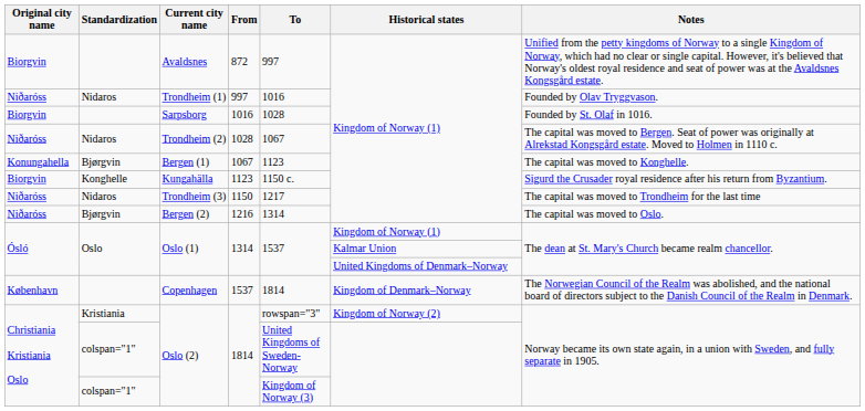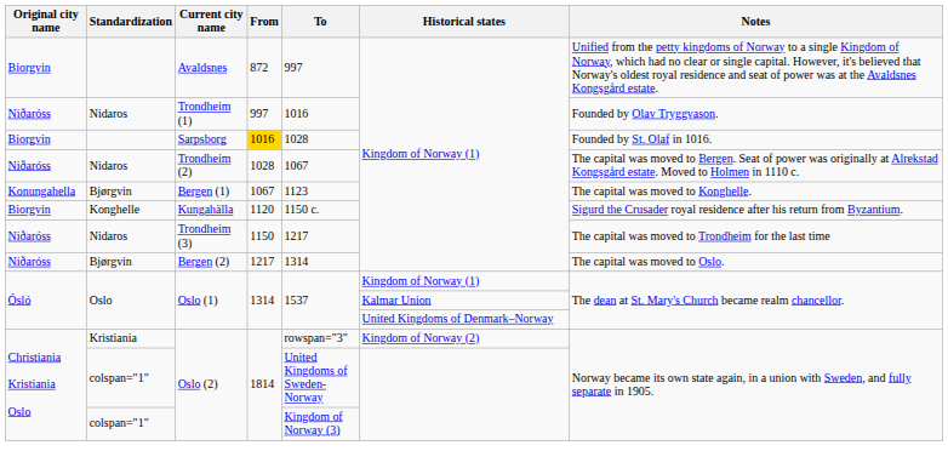 <table class=wikitable>
 <tr>
 <th>Original city name</th>
 <th>Standardization</th>
 <th>Current city name</th>
 <th>From</th>
 <th>To</th>
 <th>Historical states</th>
 <th>Notes</th>
 </tr>
 <tr>
 <td><a href='#'>Biorgvin</a></td>
 <td></td>
 <td><a href='#'>Avaldsnes</a></td>
 <td>872</td>
 <td>997</td>
 <td rowspan="8" style="width:17em;"><a href='#'>Kingdom of Norway (1)</a></td>
 <td><a href='#'>Unified</a> from the <a href='#'>petty kingdoms of Norway</a> to a single <a href='#'>Kingdom of Norway</a>, which had no clear or single capital. However, it's believed that Norway's oldest royal residence and seat of power was at the <a href='#'>Avaldsnes Kongsgård estate</a>.</td>
 </tr>
 <tr>
 <td><a href='#'>Niðaróss</a></td>
 <td>Nidaros</td>
 <td><a href='#'>Trondheim</a> (1)</td>
 <td>997</td>
 <td>1016</td>
 <td>Founded by <a href='#'>Olav Tryggvason</a>.</td>
 </tr>
 <tr>
 <td><a href='#'>Biorgvin</a></td>
 <td></td>
 <td><a href='#'>Sarpsborg</a></td>
-<td>1016</td>
+<td style="background: gold;">1016</td>
 <td>1028</td>
 <td>Founded by <a href='#'>St. Olaf</a> in 1016.</td>
 </tr>
 <tr>
 <td><a href='#'>Niðaróss</a></td>
 <td>Nidaros</td>
 <td><a href='#'>Trondheim</a> (2)</td>
 <td>1028</td>
 <td>1067</td>
 <td>The capital was moved to <a href='#'>Bergen</a>. Seat of power was originally at <a href='#'>Alrekstad Kongsgård estate</a>. Moved to <a href='#'>Holmen</a> in 1110 c.</td>
 </tr>
 <tr>
 <td><a href='#'>Konungahella</a></td>
 <td>Bjørgvin</td>
 <td><a href='#'>Bergen</a> (1)</td>
 <td>1067</td>
 <td>1123</td>
 <td>The capital was moved to <a href='#'>Konghelle</a>.</td>
 </tr>
 <tr>
 <td><a href='#'>Biorgvin</a></td>
 <td>Konghelle</td>
 <td><a href='#'>Kungahälla</a> <br></td>
-<td>1123</td>
+<td>1120</td>
 <td style="width:6em;">1150 c.</td>
 <td><a href='#'>Sigurd the Crusader</a> royal residence after his return from <a href='#'>Byzantium</a>.</td>
 </tr>
 <tr>
 <td><a href='#'>Niðaróss</a></td>
 <td>Nidaros</td>
 <td><a href='#'>Trondheim</a> (3)</td>
 <td>1150</td>
 <td>1217</td>
 <td>The capital was moved to <a href='#'>Trondheim</a> for the last time</td>
 </tr>
 <tr>
 <td><a href='#'>Niðaróss</a></td>
 <td>Bjørgvin</td>
 <td><a href='#'>Bergen</a> (2)</td>
-<td>1216</td>
+<td>1217</td>
 <td>1314</td>
 <td>The capital was moved to <a href='#'>Oslo</a>.</td>
 </tr>
 <tr>
 <td rowspan="3"><a href='#'>Ósló</a></td>
 <td rowspan="3">Oslo</td>
 <td rowspan="3"><a href='#'>Oslo</a> (1)</td>
 <td rowspan="3">1314</td>
 <td rowspan="3">1537</td>
 <td colspan="1"><a href='#'>Kingdom of Norway (1)</a></td>
 <td rowspan="3">The <a href='#'>dean</a> at <a href='#'>St. Mary's Church</a> became realm <a href='#'>chancellor</a>.</td>
 </tr>
 <tr>
 <td colspan="1"><a href='#'>Kalmar Union</a> </td>
 </tr>
 <tr>
 <td colspan="1"><a href='#'>United Kingdoms of Denmark–Norway</a></td>
 </tr>
 <tr>
-<td><a href='#'>København</a> <br></td>
-<td></td>
-<td><a href='#'>Copenhagen</a> <br></td>
-<td>1537</td>
-<td>1814</td>
-<td><a href='#'>Kingdom of Denmark–Norway</a></td>
-<td>The <a href='#'>Norwegian Council of the Realm</a> was abolished, and the national board of directors subject to the <a href='#'>Danish Council of the Realm</a> in <a href='#'>Denmark</a>.</td>
-</tr>
-<tr>
 <td rowspan="3"><a href='#'>Christiania</a> <br> <br><a href='#'>Kristiania</a> <br> <br><a href='#'>Oslo</a> <br></td>
 <td colspan="1">Kristiania</td>
 <td rowspan="3"><a href='#'>Oslo</a> (2)</td>
 <td rowspan="3">1814</td>
 <td>rowspan="3" </td>
 <td colspan="1"><a href='#'>Kingdom of Norway (2)</a></td>
 <td rowspan="3">Norway became its own state again, in a union with <a href='#'>Sweden</a>, and <a href='#'>fully separate</a> in 1905.</td>
 </tr>
 <tr>
 <td>colspan="1" </td>
 <td colspan="1"><a href='#'>United Kingdoms of Sweden-Norway</a></td>
 </tr>
 <tr>
 <td>colspan="1" </td>
 <td colspan="1"><a href='#'>Kingdom of Norway (3)</a></td>
 </tr>
 </table>
